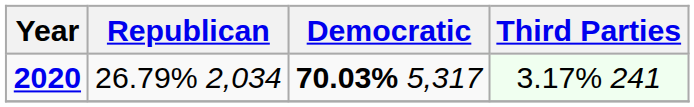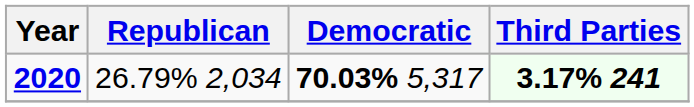 <table class="wikitable" style="float:right; font-size:95%; padding:4px">
 <tr bgcolor=lightgrey>
 <th>Year</th>
 <th><a href='#'>Republican</a></th>
 <th><a href='#'>Democratic</a></th>
 <th><a href='#'>Third Parties</a></th>
 </tr>
 <tr>
 <td style="text-align:center; "><strong><a href='#'>2020</a></strong></td>
 <td style="text-align:center; ">26.79% <em>2,034</em></td>
 <td style="text-align:center; "><strong>70.03%</strong> <em>5,317</em></td>
-<td style="text-align:center; background:honeyDew;">3.17% <em>241</em></td>
+<td style="text-align:center; background:honeyDew;"><strong>3.17% <em>241</em></strong></td>
 </tr>
 <tr>
 </tr>
 </table>
